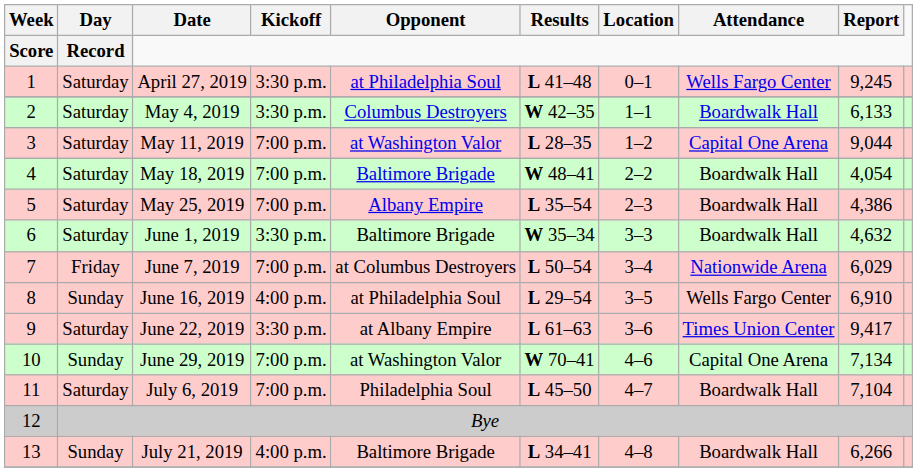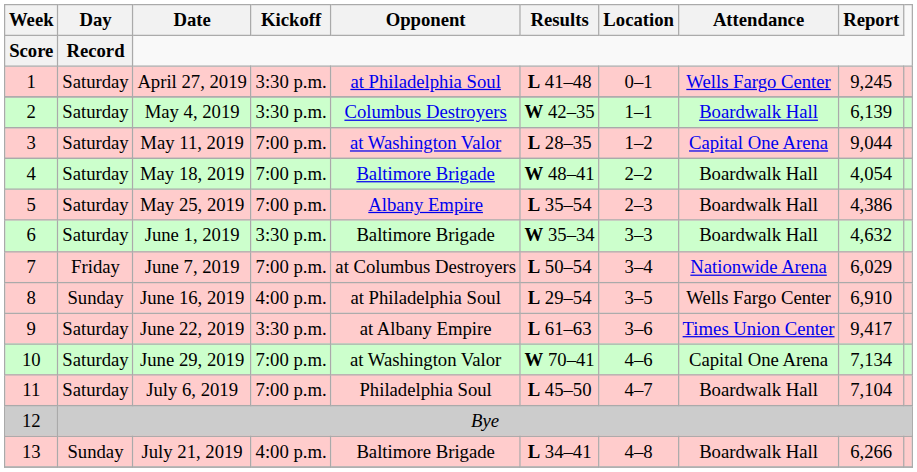 <table class="wikitable" style="text-align:center; font-size: 95%;">
 <tr>
 <th>Week</th>
 <th>Day</th>
 <th>Date</th>
 <th>Kickoff</th>
 <th>Opponent</th>
 <th>Results</th>
 <th>Location</th>
 <th>Attendance</th>
 <th>Report</th>
 </tr>
 <tr>
 <th>Score</th>
 <th>Record</th>
 </tr>
 <tr bgcolor="#ffcccc">
 <td>1</td>
 <td>Saturday</td>
 <td>April 27, 2019</td>
 <td>3:30 p.m.</td>
 <td><a href='#'>at Philadelphia Soul</a></td>
 <td><strong>L</strong> 41–48</td>
 <td>0–1</td>
 <td><a href='#'>Wells Fargo Center</a></td>
 <td>9,245</td>
 <td></td>
 </tr>
 <tr>
 </tr>
 <tr bgcolor="#ccffcc">
 <td>2</td>
 <td>Saturday</td>
 <td>May 4, 2019</td>
 <td>3:30 p.m.</td>
 <td><a href='#'>Columbus Destroyers</a></td>
 <td><strong>W</strong> 42–35</td>
 <td>1–1</td>
 <td><a href='#'>Boardwalk Hall</a></td>
-<td>6,133</td>
+<td>6,139</td>
 <td></td>
 </tr>
 <tr>
 </tr>
 <tr bgcolor="#ffcccc">
 <td>3</td>
 <td>Saturday</td>
 <td>May 11, 2019</td>
 <td>7:00 p.m.</td>
 <td><a href='#'>at Washington Valor</a></td>
 <td><strong>L</strong> 28–35</td>
 <td>1–2</td>
 <td><a href='#'>Capital One Arena</a></td>
 <td>9,044</td>
 <td></td>
 </tr>
 <tr>
 </tr>
 <tr bgcolor="#ccffcc">
 <td>4</td>
 <td>Saturday</td>
 <td>May 18, 2019</td>
 <td>7:00 p.m.</td>
 <td><a href='#'>Baltimore Brigade</a></td>
 <td><strong>W</strong> 48–41</td>
 <td>2–2</td>
 <td>Boardwalk Hall</td>
 <td>4,054</td>
 <td></td>
 </tr>
 <tr bgcolor="#ffcccc">
 <td>5</td>
 <td>Saturday</td>
 <td>May 25, 2019</td>
 <td>7:00 p.m.</td>
 <td><a href='#'>Albany Empire</a></td>
 <td><strong>L</strong> 35–54</td>
 <td>2–3</td>
 <td>Boardwalk Hall</td>
 <td>4,386</td>
 <td></td>
 </tr>
 <tr bgcolor="#ccffcc">
 <td>6</td>
 <td>Saturday</td>
 <td>June 1, 2019</td>
 <td>3:30 p.m.</td>
 <td>Baltimore Brigade</td>
 <td><strong>W</strong> 35–34</td>
 <td>3–3</td>
 <td>Boardwalk Hall</td>
 <td>4,632</td>
 <td></td>
 </tr>
 <tr bgcolor="#ffcccc">
 <td>7</td>
 <td>Friday</td>
 <td>June 7, 2019</td>
 <td>7:00 p.m.</td>
 <td>at Columbus Destroyers</td>
 <td><strong>L</strong> 50–54</td>
 <td>3–4</td>
 <td><a href='#'>Nationwide Arena</a></td>
 <td>6,029</td>
 <td></td>
 </tr>
 <tr bgcolor="#ffcccc">
 <td>8</td>
 <td>Sunday</td>
 <td>June 16, 2019</td>
 <td>4:00 p.m.</td>
 <td>at Philadelphia Soul</td>
 <td><strong>L</strong> 29–54</td>
 <td>3–5</td>
 <td>Wells Fargo Center</td>
 <td>6,910</td>
 <td></td>
 </tr>
 <tr bgcolor="#ffcccc">
 <td>9</td>
 <td>Saturday</td>
 <td>June 22, 2019</td>
 <td>3:30 p.m.</td>
 <td>at Albany Empire</td>
 <td><strong>L</strong> 61–63</td>
 <td>3–6</td>
 <td><a href='#'>Times Union Center</a></td>
 <td>9,417</td>
 <td></td>
 </tr>
 <tr bgcolor="#ccffcc">
 <td>10</td>
-<td>Sunday</td>
+<td>Saturday</td>
 <td>June 29, 2019</td>
 <td>7:00 p.m.</td>
 <td>at Washington Valor</td>
 <td><strong>W</strong> 70–41</td>
 <td>4–6</td>
 <td>Capital One Arena</td>
 <td>7,134</td>
 <td></td>
 </tr>
 <tr bgcolor="#ffcccc">
 <td>11</td>
 <td>Saturday</td>
 <td>July 6, 2019</td>
 <td>7:00 p.m.</td>
 <td>Philadelphia Soul</td>
 <td><strong>L</strong> 45–50</td>
 <td>4–7</td>
 <td>Boardwalk Hall</td>
 <td>7,104</td>
 <td></td>
 </tr>
 <tr bgcolor=#CCCCCC>
 <td>12</td>
 <td colspan=9><em>Bye</em></td>
 </tr>
 <tr bgcolor="#ffcccc">
 <td>13</td>
 <td>Sunday</td>
 <td>July 21, 2019</td>
 <td>4:00 p.m.</td>
 <td>Baltimore Brigade</td>
 <td><strong>L</strong> 34–41</td>
 <td>4–8</td>
 <td>Boardwalk Hall</td>
 <td>6,266</td>
 <td></td>
 </tr>
 <tr>
 </tr>
 </table>
